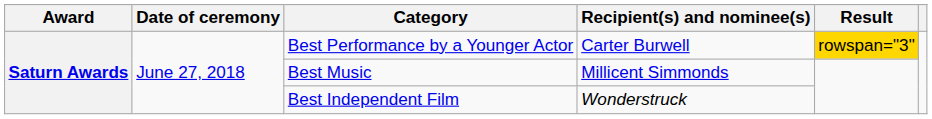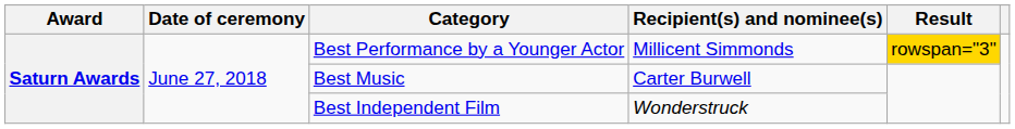 <table class="wikitable sortable plainrowheaders">
 <tr style="background:#ccc; text-align:center;">
 <th scope="col">Award</th>
 <th scope="col">Date of ceremony</th>
 <th scope="col">Category</th>
 <th scope="col">Recipient(s) and nominee(s)</th>
 <th scope="col">Result</th>
 <th scope="col" class="unsortable"></th>
 </tr>
 <tr>
 <th scope="row" rowspan="3"><a href='#'>Saturn Awards</a></th>
 <td rowspan="3"><a href='#'>June 27, 2018</a></td>
 <td><a href='#'>Best Performance by a Younger Actor</a></td>
-<td><a href='#'>Carter Burwell</a></td>
+<td><a href='#'>Millicent Simmonds</a></td>
 <td style="background: gold;">rowspan="3" </td>
 <td rowspan="3" style="text-align:center;"></td>
 </tr>
 <tr>
 <td><a href='#'>Best Music</a></td>
-<td><a href='#'>Millicent Simmonds</a></td>
+<td><a href='#'>Carter Burwell</a></td>
 </tr>
 <tr>
 <td><a href='#'>Best Independent Film</a></td>
 <td><em>Wonderstruck</em></td>
 </tr>
 </table>
